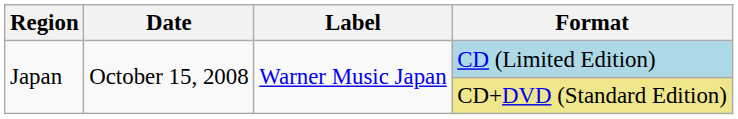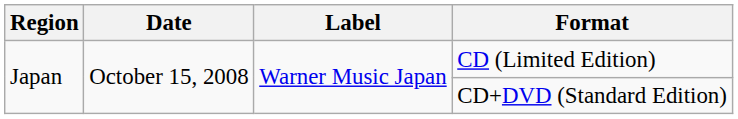 <table class="wikitable">
 <tr>
 <th>Region</th>
 <th>Date</th>
 <th>Label</th>
 <th>Format</th>
 </tr>
 <tr>
 <td rowspan="2">Japan</td>
 <td rowspan="2">October 15, 2008</td>
 <td rowspan="2"><a href='#'>Warner Music Japan</a></td>
-<td style="background: lightblue;"><a href='#'>CD</a> (Limited Edition)</td>
+<td><a href='#'>CD</a> (Limited Edition)</td>
 </tr>
 <tr>
-<td style="background: khaki;">CD+<a href='#'>DVD</a> (Standard Edition)</td>
+<td>CD+<a href='#'>DVD</a> (Standard Edition)</td>
 </tr>
 </table>
